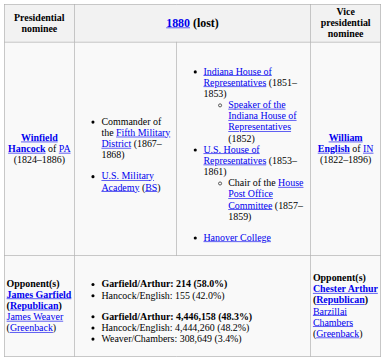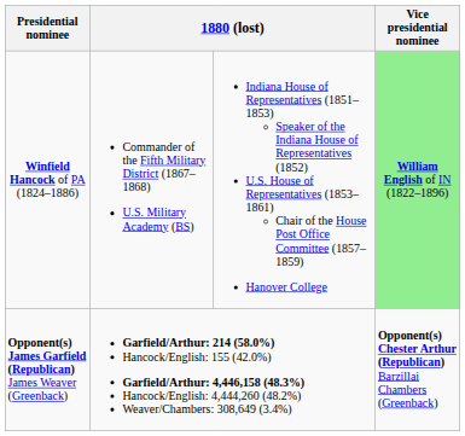 <table class="wikitable">
 <tr>
 <th width=190>Presidential<br>nominee</th>
 <th colspan=2><big><a href='#'>1880</a> (lost)</big></th>
 <th width=190>Vice presidential<br>nominee</th>
 </tr>
 <tr>
 <td style="text-align:center;"><strong><a href='#'>Winfield Hancock</a></strong> of <a href='#'>PA</a><br>(1824–1886)<br></td>
 <td width=350><br><ul><li>Commander of the <a href='#'>Fifth Military District</a> (1867–1868)</li></ul><ul><li><a href='#'>U.S. Military Academy</a> (<a href='#'>BS</a>)</li></ul></td>
 <td width=350><br><ul><li><a href='#'>Indiana House of Representatives</a> (1851–1853)<ul><li><a href='#'>Speaker of the Indiana House of Representatives</a> (1852)</li></ul></li><li><a href='#'>U.S. House of Representatives</a> (1853–1861)<ul><li>Chair of the <a href='#'>House Post Office Committee</a> (1857–1859)</li></ul></li></ul><ul><li><a href='#'>Hanover College</a></li></ul></td>
-<td style="text-align:center;"><strong><a href='#'>William English</a></strong> of <a href='#'>IN</a><br>(1822–1896)<br></td>
+<td style="background: lightgreen; text-align:center;"><strong><a href='#'>William English</a></strong> of <a href='#'>IN</a><br>(1822–1896)<br></td>
 </tr>
 <tr>
 <td><strong>Opponent(s)</strong><br><strong><a href='#'>James Garfield</a> (<a href='#'>Republican</a>)</strong><br><a href='#'>James Weaver</a> (<a href='#'>Greenback</a>)</td>
 <td colspan=2><br><ul><li><strong>Garfield/Arthur: 214 (58.0%)</strong></li><li>Hancock/English: 155 (42.0%)</li></ul><ul><li><strong>Garfield/Arthur: 4,446,158 (48.3%)</strong></li><li>Hancock/English: 4,444,260 (48.2%)</li><li>Weaver/Chambers: 308,649 (3.4%)</li></ul></td>
 <td><strong>Opponent(s)</strong><br><strong><a href='#'>Chester Arthur</a> (<a href='#'>Republican</a>)</strong><br><a href='#'>Barzillai Chambers</a> (<a href='#'>Greenback</a>)</td>
 </tr>
 </table>
